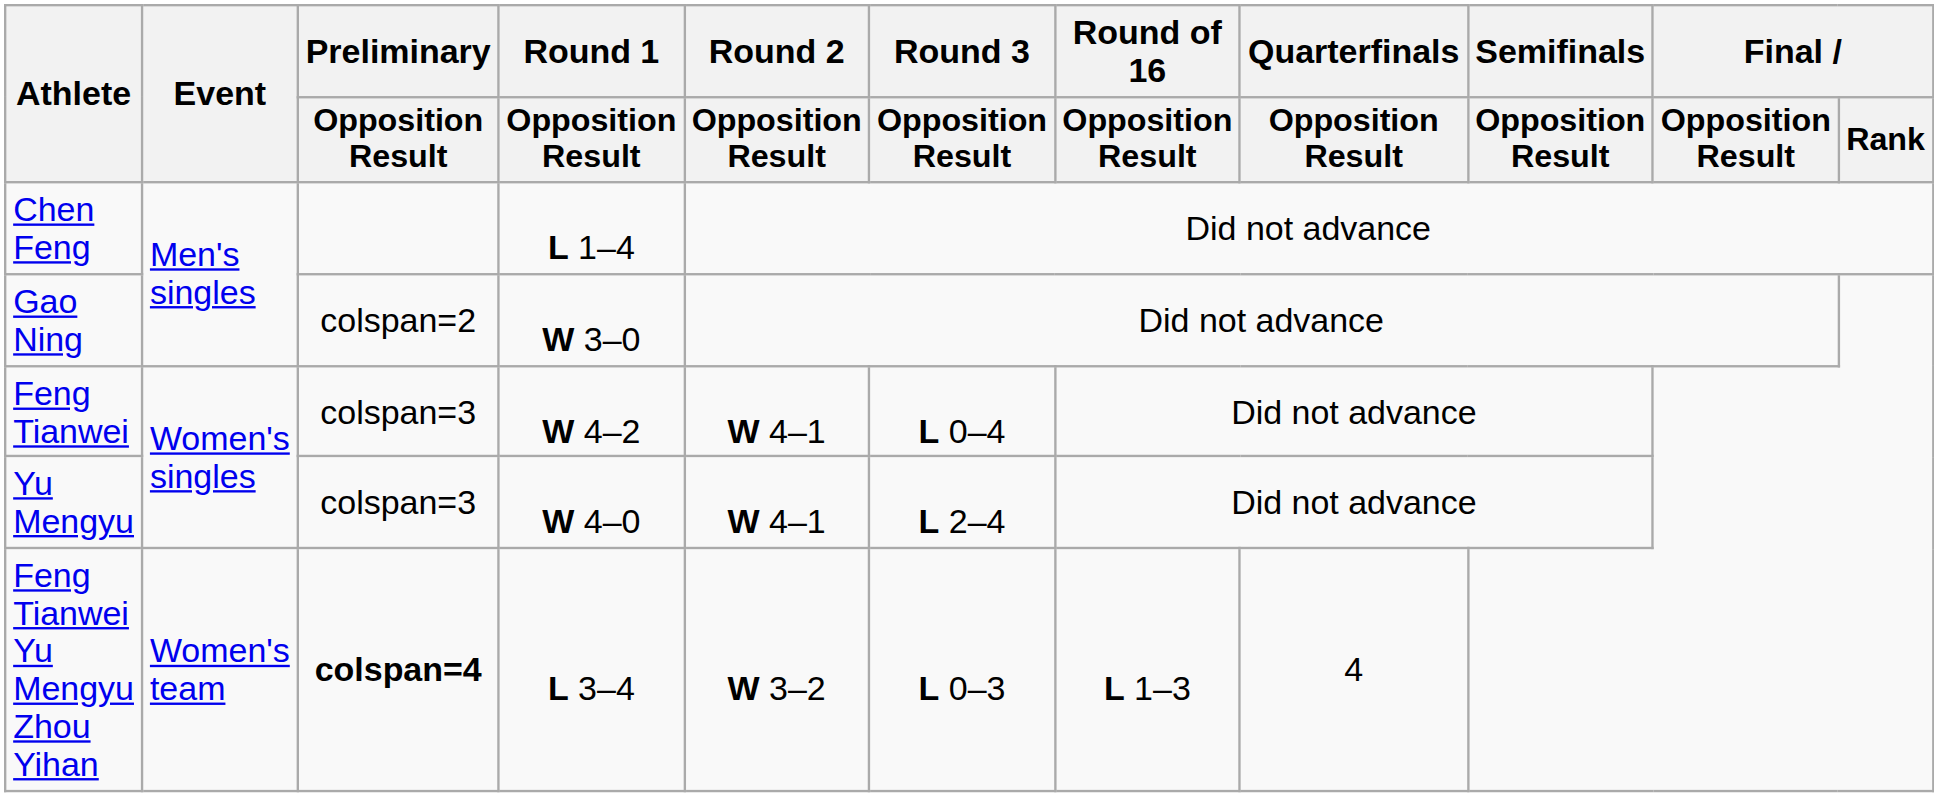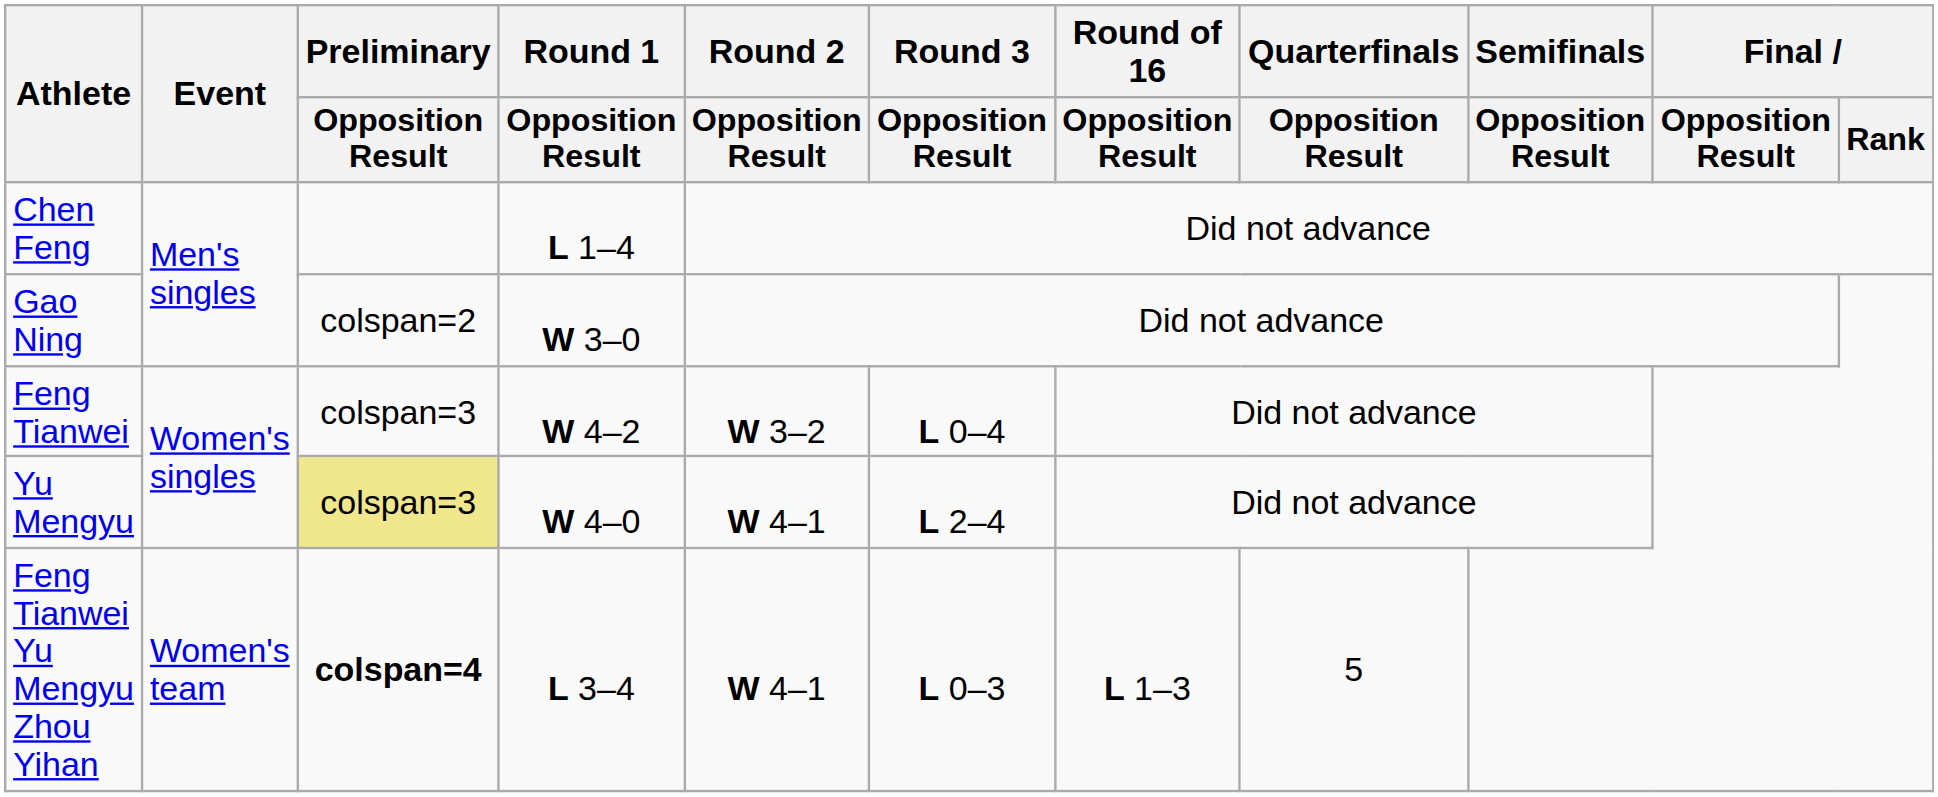 <table class="wikitable" style="font-size:90%;">
 <tr>
 <th rowspan=2>Athlete</th>
 <th rowspan=2>Event</th>
 <th>Preliminary</th>
 <th>Round 1</th>
 <th>Round 2</th>
 <th>Round 3</th>
 <th>Round of 16</th>
 <th>Quarterfinals</th>
 <th>Semifinals</th>
 <th colspan=2>Final / </th>
 </tr>
 <tr style="font-size:95%">
 <th>Opposition<br>Result</th>
 <th>Opposition<br>Result</th>
 <th>Opposition<br>Result</th>
 <th>Opposition<br>Result</th>
 <th>Opposition<br>Result</th>
 <th>Opposition<br>Result</th>
 <th>Opposition<br>Result</th>
 <th>Opposition<br>Result</th>
 <th>Rank</th>
 </tr>
 <tr align="center">
 <td align=left><a href='#'>Chen Feng</a></td>
 <td align=left rowspan=2><a href='#'>Men's singles</a></td>
 <td></td>
 <td><br><strong>L</strong> 1–4</td>
 <td colspan=7>Did not advance</td>
 </tr>
 <tr align="center">
 <td align=left><a href='#'>Gao Ning</a></td>
 <td>colspan=2 </td>
 <td><br><strong>W</strong> 3–0</td>
 <td colspan="6">Did not advance</td>
 </tr>
 <tr align=center>
 <td align=left><a href='#'>Feng Tianwei</a></td>
 <td align=left rowspan=2><a href='#'>Women's singles</a></td>
 <td>colspan=3 </td>
 <td><br><strong>W</strong> 4–2</td>
-<td><br><strong>W</strong> 4–1</td>
+<td><br><strong>W</strong> 3–2</td>
 <td><br><strong>L</strong> 0–4</td>
 <td colspan=3>Did not advance</td>
 </tr>
 <tr align=center>
 <td align=left><a href='#'>Yu Mengyu</a></td>
-<td>colspan=3 </td>
+<td style="background: khaki;">colspan=3 </td>
 <td><br><strong>W</strong> 4–0</td>
 <td><br><strong>W</strong> 4–1</td>
 <td><br><strong>L</strong> 2–4</td>
 <td colspan=3>Did not advance</td>
 </tr>
 <tr align=center>
 <td align=left><a href='#'>Feng Tianwei</a><br><a href='#'>Yu Mengyu</a><br><a href='#'>Zhou Yihan</a></td>
 <td align=left><a href='#'>Women's team</a></td>
 <td><strong>colspan=4 </strong></td>
 <td><br><strong>L</strong> 3–4</td>
-<td><br><strong>W</strong> 3–2</td>
+<td><br><strong>W</strong> 4–1</td>
 <td><br><strong>L</strong> 0–3</td>
 <td><br><strong>L</strong> 1–3</td>
-<td>4</td>
+<td>5</td>
 </tr>
 </table>
